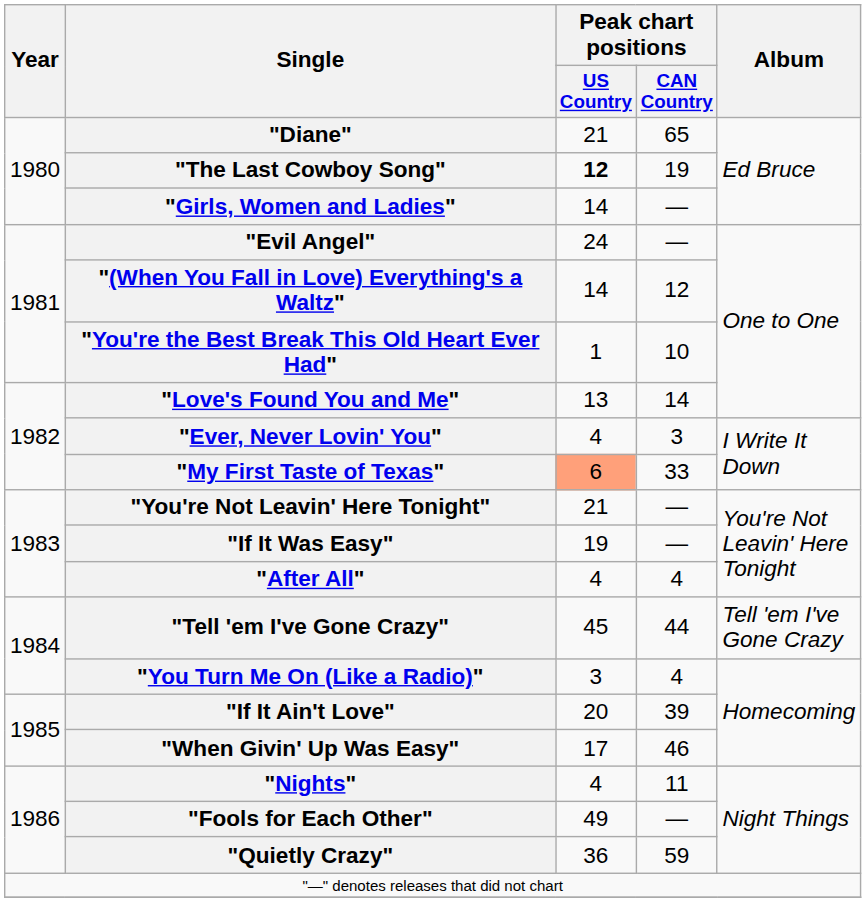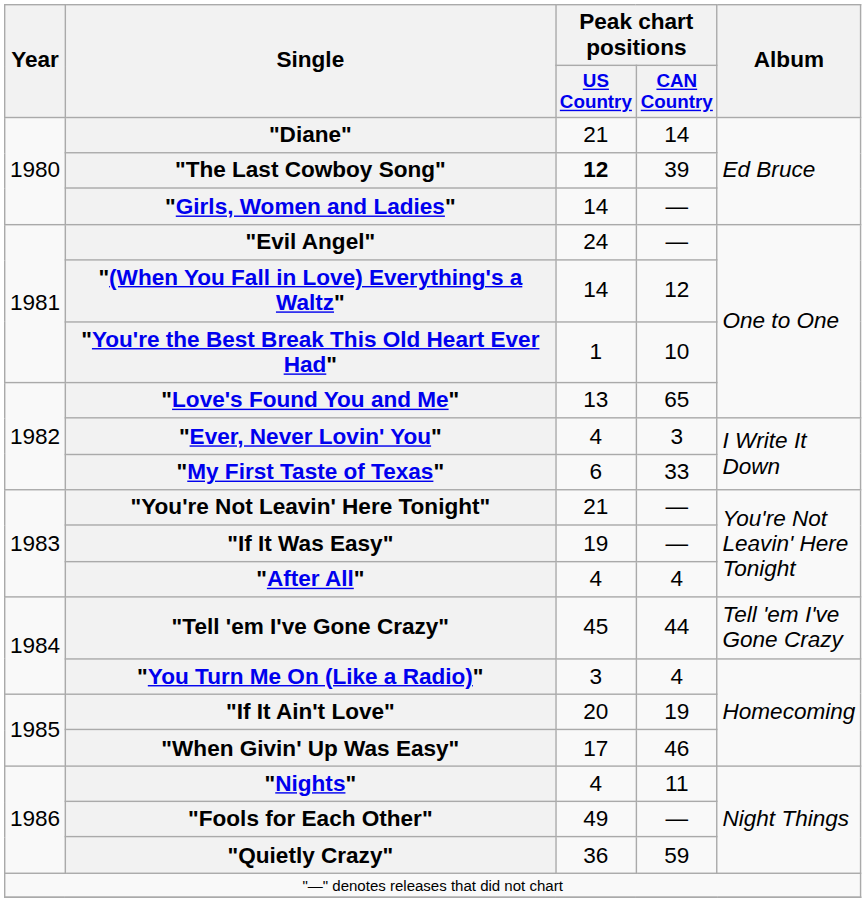 <table class="wikitable plainrowheaders" style="text-align:center;">
 <tr>
 <th rowspan="2">Year</th>
 <th rowspan="2" style="width:28em;">Single</th>
 <th colspan="2">Peak chart<br>positions</th>
 <th rowspan="2">Album</th>
 </tr>
 <tr style="font-size:smaller;">
 <th width="45"><a href='#'>US Country</a></th>
 <th width="45"><a href='#'>CAN Country</a></th>
 </tr>
 <tr>
 <td rowspan="3">1980</td>
 <th scope="row">"Diane"</th>
 <td>21</td>
-<td>65</td>
+<td>14</td>
 <td align="left" rowspan="3"><em>Ed Bruce</em> </td>
 </tr>
 <tr>
 <th scope="row">"The Last Cowboy Song" </th>
 <td><strong>12</strong></td>
-<td>19</td>
+<td>39</td>
 </tr>
 <tr>
 <th scope="row">"<a href='#'>Girls, Women and Ladies</a>"</th>
 <td>14</td>
 <td>—</td>
 </tr>
 <tr>
 <td rowspan="3">1981</td>
 <th scope="row">"Evil Angel"</th>
 <td>24</td>
 <td>—</td>
 <td align="left" rowspan="4"><em>One to One</em></td>
 </tr>
 <tr>
 <th scope="row">"<a href='#'>(When You Fall in Love) Everything's a Waltz</a>"</th>
 <td>14</td>
 <td>12</td>
 </tr>
 <tr>
 <th scope="row">"<a href='#'>You're the Best Break This Old Heart Ever Had</a>"</th>
 <td>1</td>
 <td>10</td>
 </tr>
 <tr>
 <td rowspan="3">1982</td>
 <th scope="row">"<a href='#'>Love's Found You and Me</a>"</th>
 <td>13</td>
-<td>14</td>
+<td>65</td>
 </tr>
 <tr>
 <th scope="row">"<a href='#'>Ever, Never Lovin' You</a>"</th>
 <td>4</td>
 <td>3</td>
 <td align="left" rowspan="2"><em>I Write It Down</em></td>
 </tr>
 <tr>
 <th scope="row">"<a href='#'>My First Taste of Texas</a>"</th>
-<td style="background: lightsalmon;">6</td>
+<td>6</td>
 <td>33</td>
 </tr>
 <tr>
 <td rowspan="3">1983</td>
 <th scope="row">"You're Not Leavin' Here Tonight"</th>
 <td>21</td>
 <td>—</td>
 <td align="left" rowspan="3"><em>You're Not Leavin' Here Tonight</em></td>
 </tr>
 <tr>
 <th scope="row">"If It Was Easy"</th>
 <td>19</td>
 <td>—</td>
 </tr>
 <tr>
 <th scope="row">"<a href='#'>After All</a>"</th>
 <td>4</td>
 <td>4</td>
 </tr>
 <tr>
 <td rowspan="2">1984</td>
 <th scope="row">"Tell 'em I've Gone Crazy"</th>
 <td>45</td>
 <td>44</td>
 <td align="left"><em>Tell 'em I've Gone Crazy</em></td>
 </tr>
 <tr>
 <th scope="row">"<a href='#'>You Turn Me On (Like a Radio)</a>"</th>
 <td>3</td>
 <td>4</td>
 <td align="left" rowspan="3"><em>Homecoming</em></td>
 </tr>
 <tr>
 <td rowspan="2">1985</td>
 <th scope="row">"If It Ain't Love"</th>
 <td>20</td>
-<td>39</td>
+<td>19</td>
 </tr>
 <tr>
 <th scope="row">"When Givin' Up Was Easy"</th>
 <td>17</td>
 <td>46</td>
 </tr>
 <tr>
 <td rowspan="3">1986</td>
 <th scope="row">"<a href='#'>Nights</a>"</th>
 <td>4</td>
 <td>11</td>
 <td align="left" rowspan="3"><em>Night Things</em></td>
 </tr>
 <tr>
 <th scope="row">"Fools for Each Other" </th>
 <td>49</td>
 <td>—</td>
 </tr>
 <tr>
 <th scope="row">"Quietly Crazy"</th>
 <td>36</td>
 <td>59</td>
 </tr>
 <tr>
 <td colspan="5" style="font-size: 8pt">"—" denotes releases that did not chart</td>
 </tr>
 <tr>
 </tr>
 </table>
